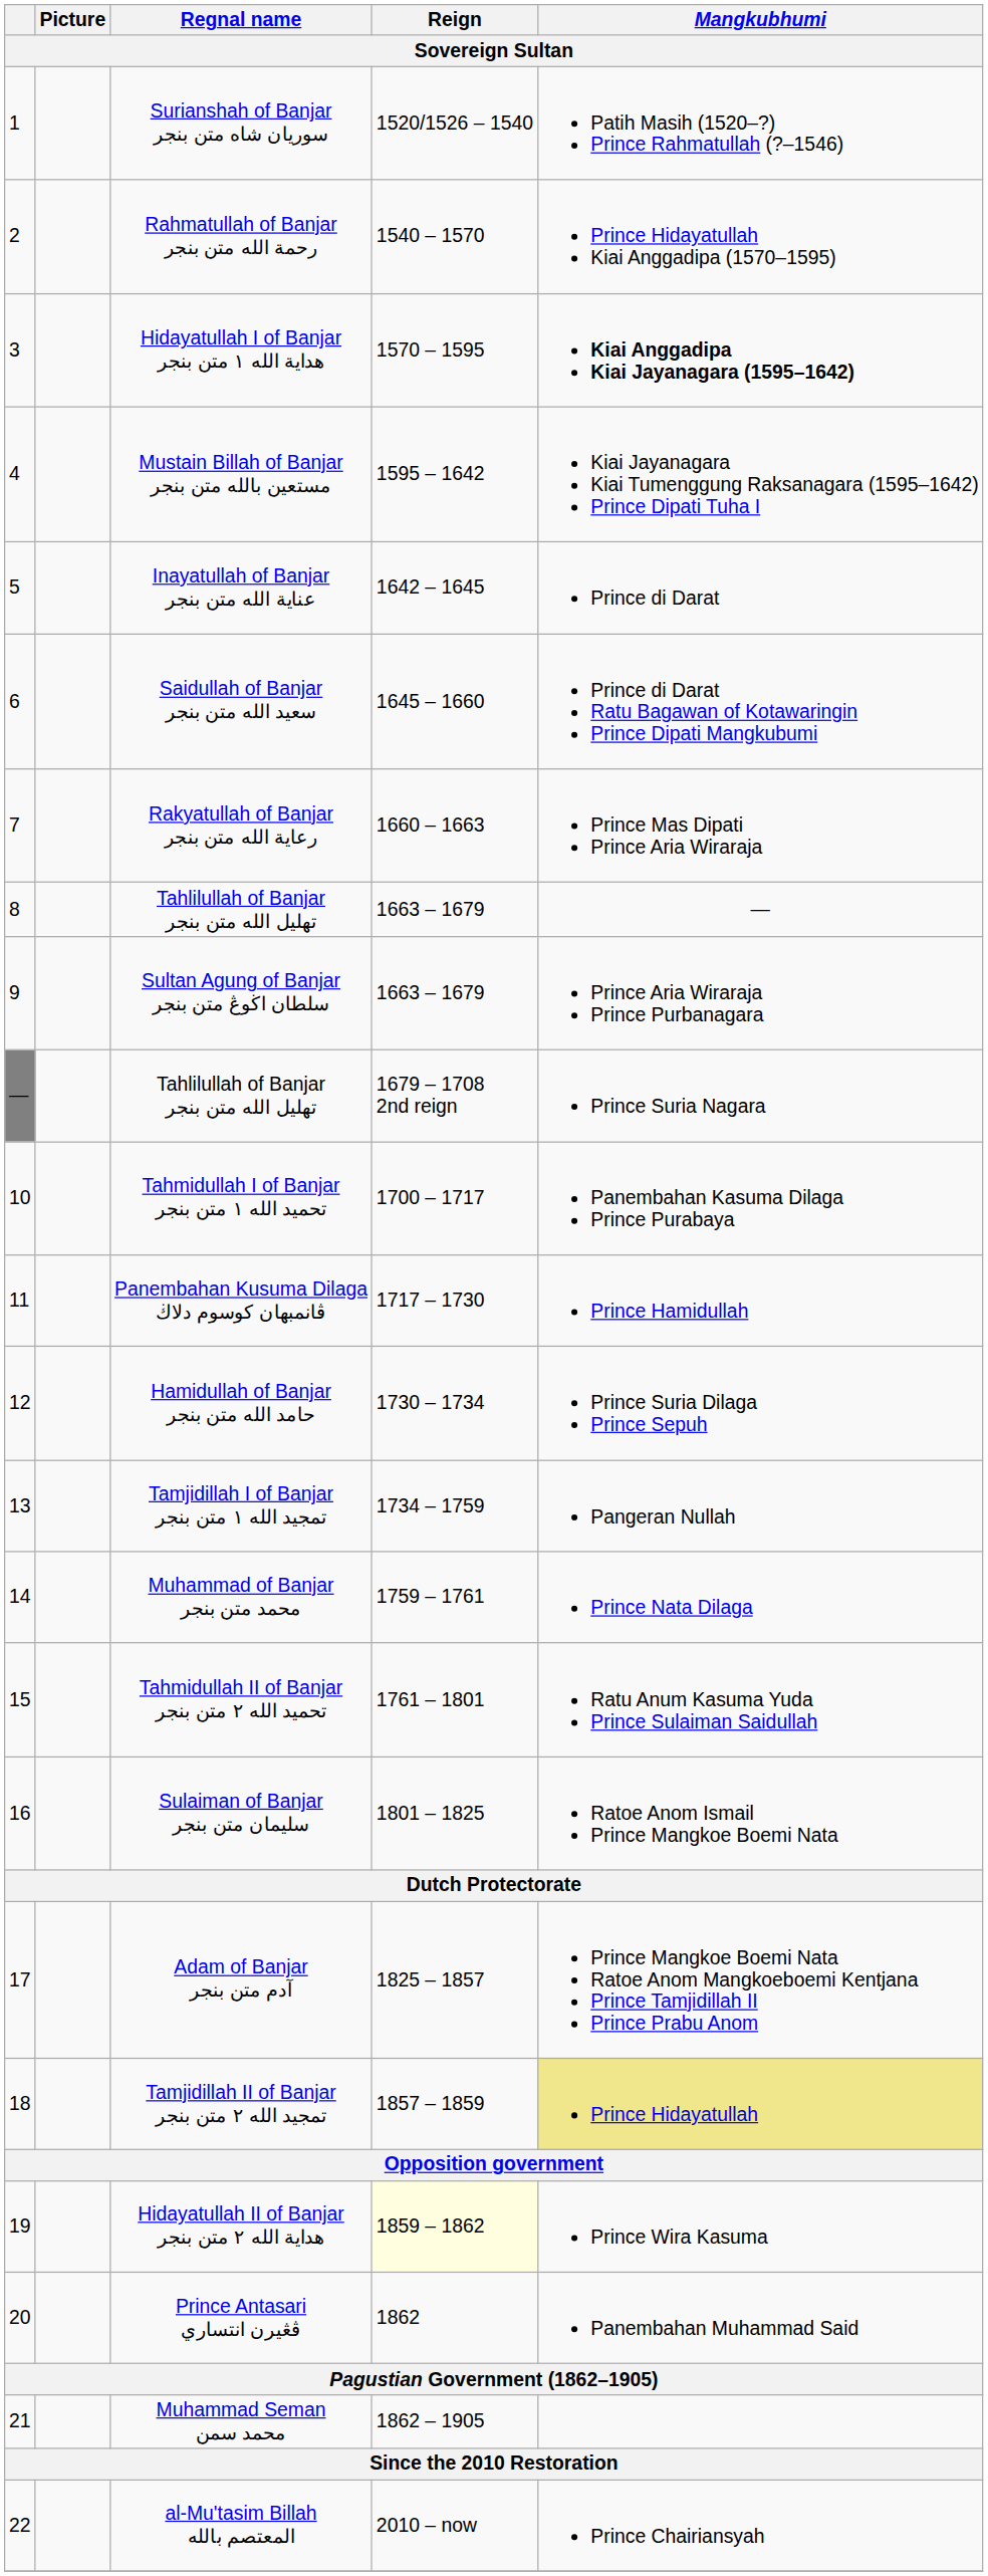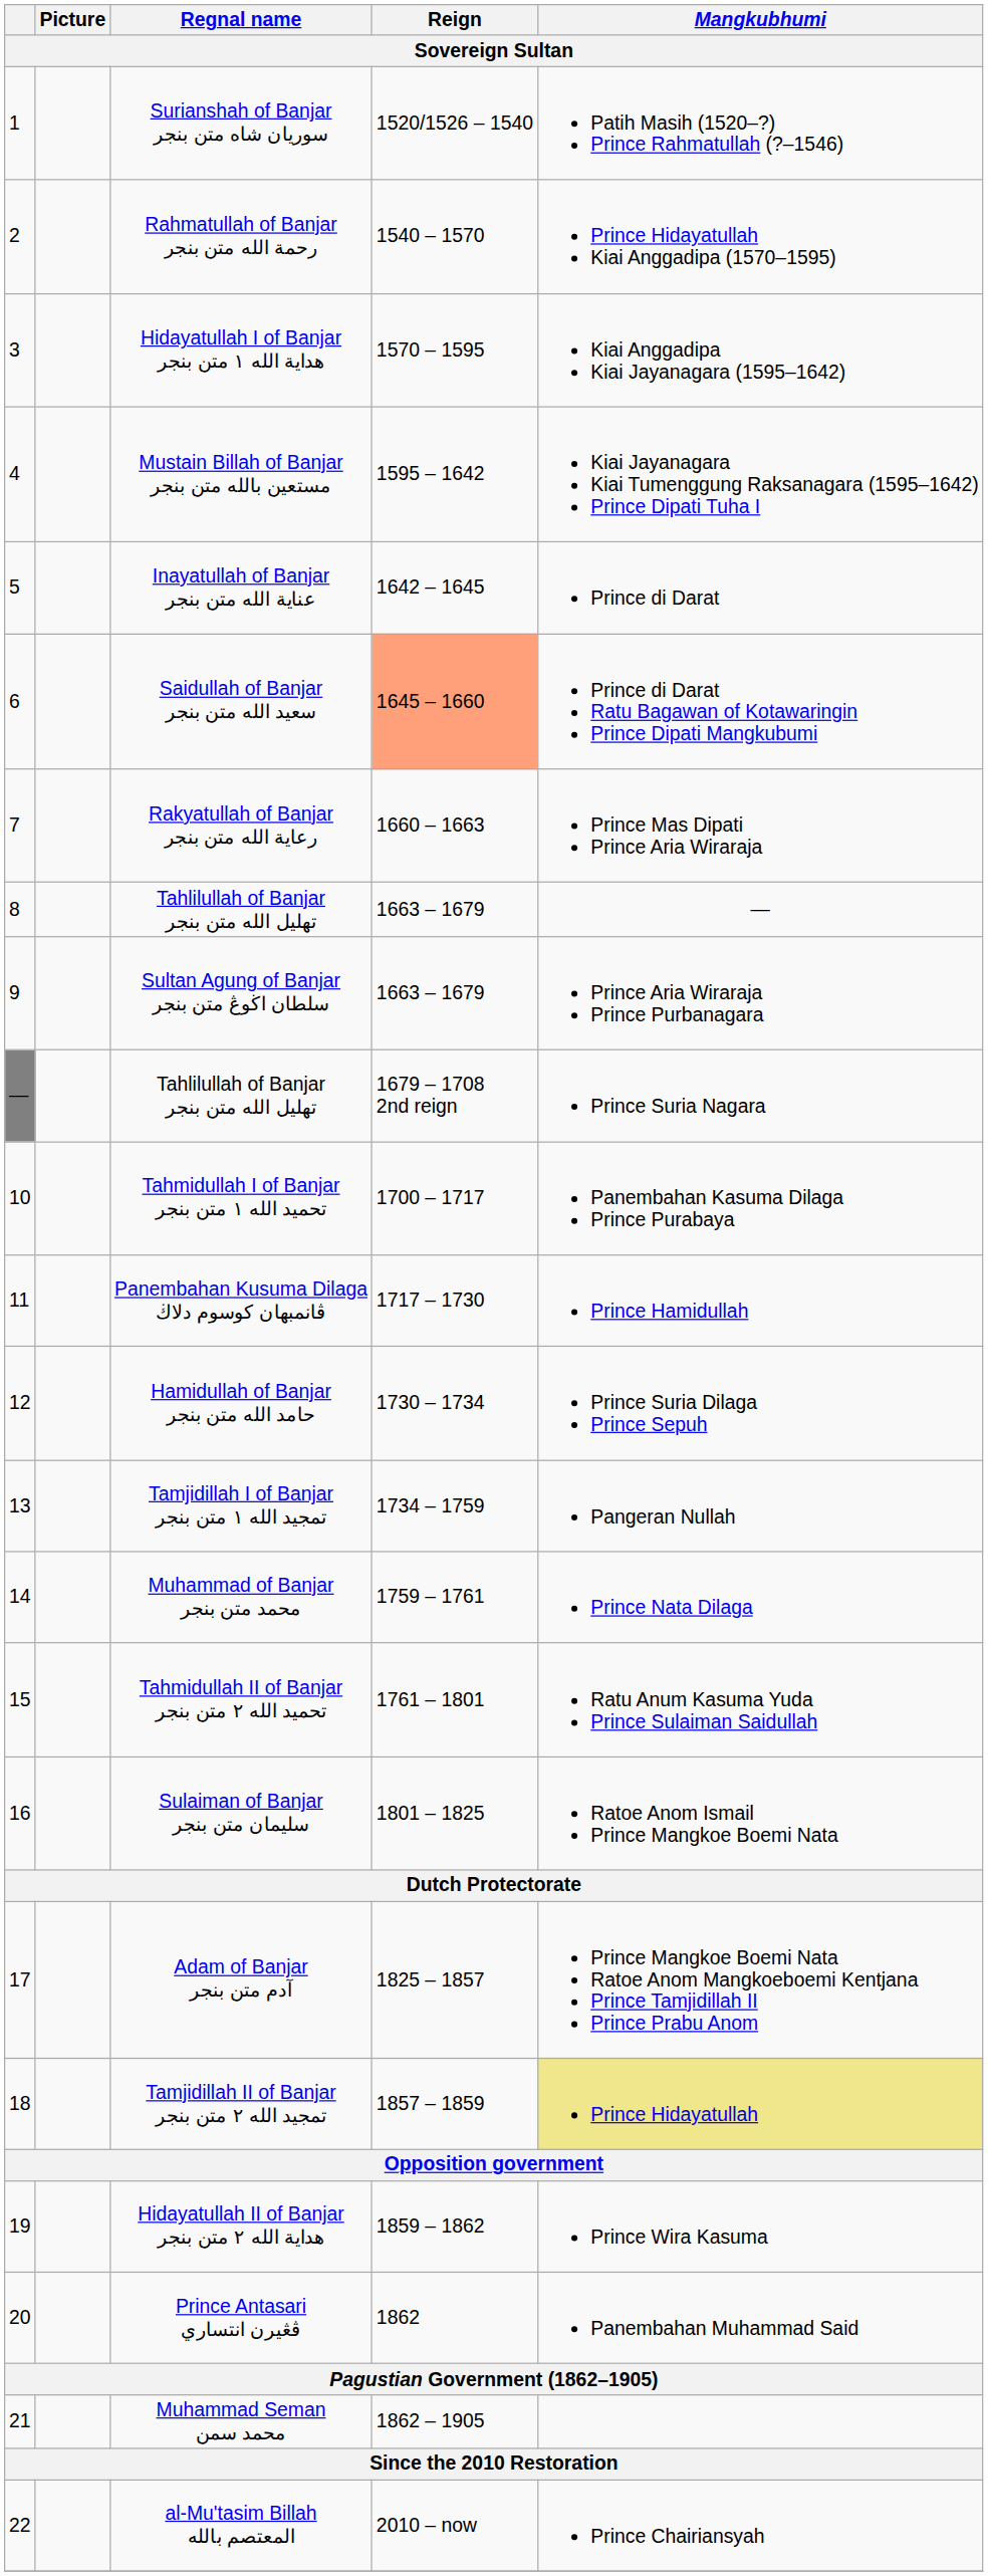 <table class="wikitable">
 <tr>
 <th></th>
 <th>Picture</th>
 <th><a href='#'>Regnal name</a></th>
 <th>Reign</th>
 <th><em><a href='#'>Mangkubhumi</a></em></th>
 </tr>
 <tr>
 <th colspan="5">Sovereign Sultan</th>
 </tr>
 <tr>
 <td>1</td>
 <td></td>
 <td style="text-align: center;"><a href='#'>Surianshah of Banjar</a><br>سوريان شاه متن بنجر</td>
 <td>1520/1526 – 1540</td>
 <td><br><ul><li>Patih Masih (1520–?)</li><li><a href='#'>Prince Rahmatullah</a> (?–1546)</li></ul></td>
 </tr>
 <tr>
 <td>2</td>
 <td></td>
 <td style="text-align: center;"><a href='#'>Rahmatullah of Banjar</a><br>رحمة الله متن بنجر</td>
 <td>1540 – 1570</td>
 <td><br><ul><li><a href='#'>Prince Hidayatullah</a></li><li>Kiai Anggadipa (1570–1595)</li></ul></td>
 </tr>
 <tr>
 <td>3</td>
 <td></td>
 <td style="text-align: center;"><a href='#'>Hidayatullah I of Banjar</a><br>هداية الله ١ متن بنجر</td>
 <td>1570 – 1595</td>
-<td><strong><br><ul><li>Kiai Anggadipa</li><li>Kiai Jayanagara (1595–1642)</li></ul></strong></td>
+<td><br><ul><li>Kiai Anggadipa</li><li>Kiai Jayanagara (1595–1642)</li></ul></td>
 </tr>
 <tr>
 <td>4</td>
 <td></td>
 <td style="text-align: center;"><a href='#'>Mustain Billah of Banjar</a><br>مستعين بالله متن بنجر</td>
 <td>1595 – 1642</td>
 <td><br><ul><li>Kiai Jayanagara</li><li>Kiai Tumenggung Raksanagara (1595–1642)</li><li><a href='#'>Prince Dipati Tuha I</a></li></ul></td>
 </tr>
 <tr>
 <td>5</td>
 <td></td>
 <td style="text-align: center;"><a href='#'>Inayatullah of Banjar</a><br>عناية الله متن بنجر</td>
 <td>1642 – 1645</td>
 <td><br><ul><li>Prince di Darat</li></ul></td>
 </tr>
 <tr>
 <td>6</td>
 <td></td>
 <td style="text-align: center;"><a href='#'>Saidullah of Banjar</a><br>سعيد الله متن بنجر</td>
-<td>1645 – 1660</td>
+<td style="background: lightsalmon;">1645 – 1660</td>
 <td><br><ul><li>Prince di Darat</li><li><a href='#'>Ratu Bagawan of Kotawaringin</a></li><li><a href='#'>Prince Dipati Mangkubumi</a></li></ul></td>
 </tr>
 <tr>
 <td>7</td>
 <td></td>
 <td style="text-align: center;"><a href='#'>Rakyatullah of Banjar</a><br>رعاية الله متن بنجر</td>
 <td>1660 – 1663</td>
 <td><br><ul><li>Prince Mas Dipati</li><li>Prince Aria Wiraraja</li></ul></td>
 </tr>
 <tr>
 <td>8</td>
 <td></td>
 <td style="text-align: center;"><a href='#'>Tahlilullah of Banjar</a><br>تهليل الله متن بنجر</td>
 <td>1663 – 1679</td>
 <td style="text-align: center;">—</td>
 </tr>
 <tr>
 <td>9</td>
 <td></td>
 <td style="text-align: center;"><a href='#'>Sultan Agung of Banjar</a><br>سلطان اڬوڠ متن بنجر</td>
 <td>1663 – 1679</td>
 <td><br><ul><li>Prince Aria Wiraraja</li><li>Prince Purbanagara</li></ul></td>
 </tr>
 <tr>
 <td style="background-color:gray">—</td>
 <td></td>
 <td style="text-align: center;">Tahlilullah of Banjar<br>تهليل الله متن بنجر</td>
 <td>1679 – 1708<br>2nd reign</td>
 <td><br><ul><li>Prince Suria Nagara</li></ul></td>
 </tr>
 <tr>
 <td>10</td>
 <td></td>
 <td style="text-align: center;"><a href='#'>Tahmidullah I of Banjar</a><br>تحميد الله ١ متن بنجر</td>
 <td>1700 – 1717</td>
 <td><br><ul><li>Panembahan Kasuma Dilaga</li><li>Prince Purabaya</li></ul></td>
 </tr>
 <tr>
 <td>11</td>
 <td></td>
 <td style="text-align: center;"><a href='#'>Panembahan Kusuma Dilaga</a><br>ڤانمبهان كوسوم دلاڬ</td>
 <td>1717 – 1730</td>
 <td><br><ul><li><a href='#'>Prince Hamidullah</a></li></ul></td>
 </tr>
 <tr>
 <td>12</td>
 <td></td>
 <td style="text-align: center;"><a href='#'>Hamidullah of Banjar</a><br>حامد الله متن بنجر</td>
 <td>1730 – 1734</td>
 <td><br><ul><li>Prince Suria Dilaga</li><li><a href='#'>Prince Sepuh</a></li></ul></td>
 </tr>
 <tr>
 <td>13</td>
 <td></td>
 <td style="text-align: center;"><a href='#'>Tamjidillah I of Banjar</a><br>تمجيد الله ١ متن بنجر</td>
 <td>1734 – 1759</td>
 <td><br><ul><li>Pangeran Nullah</li></ul></td>
 </tr>
 <tr>
 <td>14</td>
 <td></td>
 <td style="text-align: center;"><a href='#'>Muhammad of Banjar</a><br>محمد متن بنجر</td>
 <td>1759 – 1761</td>
 <td><br><ul><li><a href='#'>Prince Nata Dilaga</a></li></ul></td>
 </tr>
 <tr>
 <td>15</td>
 <td></td>
 <td style="text-align: center;"><a href='#'>Tahmidullah II of Banjar</a><br>تحميد الله ٢ متن بنجر</td>
 <td>1761 – 1801</td>
 <td><br><ul><li>Ratu Anum Kasuma Yuda</li><li><a href='#'>Prince Sulaiman Saidullah</a></li></ul></td>
 </tr>
 <tr>
 <td>16</td>
 <td></td>
 <td style="text-align: center;"><a href='#'>Sulaiman of Banjar</a><br>سليمان متن بنجر</td>
 <td>1801 – 1825</td>
 <td><br><ul><li>Ratoe Anom Ismail</li><li>Prince Mangkoe Boemi Nata</li></ul></td>
 </tr>
 <tr>
 <th colspan="5">Dutch Protectorate</th>
 </tr>
 <tr>
 <td>17</td>
 <td></td>
 <td style="text-align: center;"><a href='#'>Adam of Banjar</a><br>آدم متن بنجر</td>
 <td>1825 – 1857</td>
 <td><br><ul><li>Prince Mangkoe Boemi Nata</li><li>Ratoe Anom Mangkoeboemi Kentjana</li><li><a href='#'>Prince Tamjidillah II</a></li><li><a href='#'>Prince Prabu Anom</a></li></ul></td>
 </tr>
 <tr>
 <td>18</td>
 <td></td>
 <td style="text-align: center;"><a href='#'>Tamjidillah II of Banjar</a><br>تمجيد الله ٢ متن بنجر</td>
 <td>1857 – 1859</td>
 <td style="background: khaki;"><br><ul><li><a href='#'>Prince Hidayatullah</a></li></ul></td>
 </tr>
 <tr>
 <th colspan="5"><a href='#'>Opposition government</a></th>
 </tr>
 <tr>
 <td>19</td>
 <td></td>
 <td style="text-align: center;"><a href='#'>Hidayatullah II of Banjar</a><br>هداية الله ٢ متن بنجر</td>
-<td style="background: lightyellow;">1859 – 1862</td>
+<td>1859 – 1862</td>
 <td><br><ul><li>Prince Wira Kasuma</li></ul></td>
 </tr>
 <tr>
 <td>20</td>
 <td></td>
 <td style="text-align: center;"><a href='#'>Prince Antasari</a><br>ڤڠيرن انتساري</td>
 <td>1862</td>
 <td><br><ul><li>Panembahan Muhammad Said</li></ul></td>
 </tr>
 <tr>
 <th colspan="5"><em>Pagustian</em> Government (1862–1905)</th>
 </tr>
 <tr>
 <td>21</td>
 <td></td>
 <td style="text-align: center;"><a href='#'>Muhammad Seman</a><br>محمد سمن</td>
 <td>1862 – 1905</td>
 <td></td>
 </tr>
 <tr>
 <th colspan="5">Since the 2010 Restoration</th>
 </tr>
 <tr>
 <td>22</td>
 <td></td>
 <td style="text-align: center;"><a href='#'>al-Mu'tasim Billah</a><br>المعتصم بالله</td>
 <td>2010 – now</td>
 <td><br><ul><li>Prince Chairiansyah</li></ul></td>
 </tr>
 <tr>
 </tr>
 </table>
